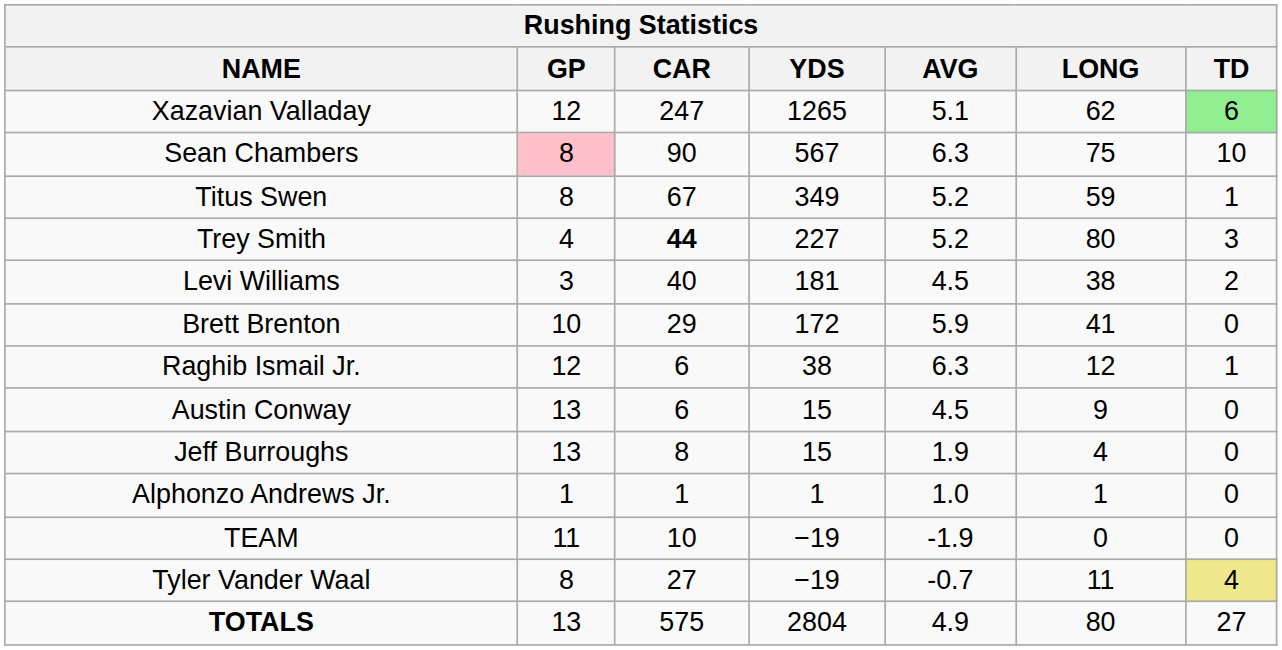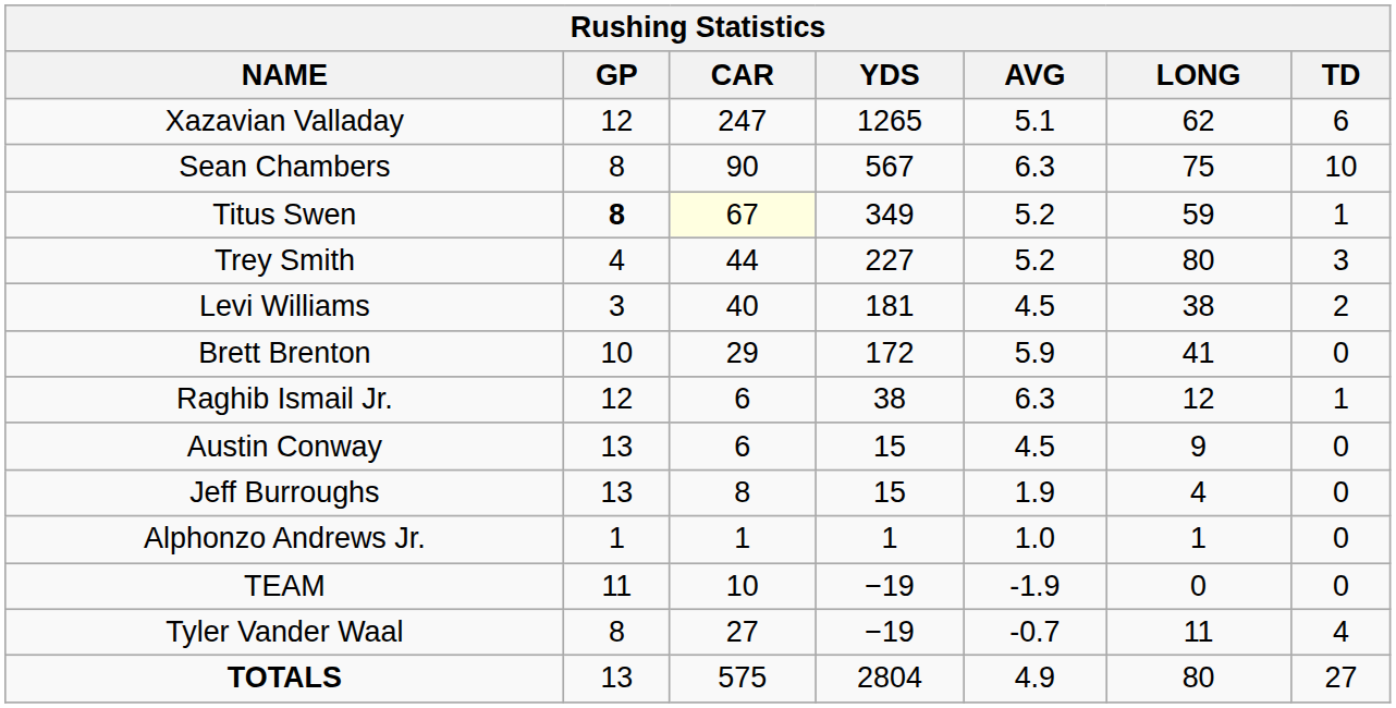 <table style="width:60%; text-align:center;" class="wikitable collapsible collapsed">
 <tr>
 <th colspan="7">Rushing Statistics</th>
 </tr>
 <tr>
 <th>NAME</th>
 <th>GP</th>
 <th>CAR</th>
 <th>YDS</th>
 <th>AVG</th>
 <th>LONG</th>
 <th>TD</th>
 </tr>
 <tr>
 <td>Xazavian Valladay</td>
 <td>12</td>
 <td>247</td>
 <td>1265</td>
 <td>5.1</td>
 <td>62</td>
-<td style="background: lightgreen;">6</td>
+<td>6</td>
 </tr>
 <tr>
 <td>Sean Chambers</td>
-<td style="background: pink;">8</td>
+<td>8</td>
 <td>90</td>
 <td>567</td>
 <td>6.3</td>
 <td>75</td>
 <td>10</td>
 </tr>
 <tr>
 <td>Titus Swen</td>
-<td>8</td>
-<td>67</td>
+<td><strong>8</strong></td>
+<td style="background: lightyellow;">67</td>
 <td>349</td>
 <td>5.2</td>
 <td>59</td>
 <td>1</td>
 </tr>
 <tr>
 <td>Trey Smith</td>
 <td>4</td>
-<td><strong>44</strong></td>
+<td>44</td>
 <td>227</td>
 <td>5.2</td>
 <td>80</td>
 <td>3</td>
 </tr>
 <tr>
 <td>Levi Williams</td>
 <td>3</td>
 <td>40</td>
 <td>181</td>
 <td>4.5</td>
 <td>38</td>
 <td>2</td>
 </tr>
 <tr>
 <td>Brett Brenton</td>
 <td>10</td>
 <td>29</td>
 <td>172</td>
 <td>5.9</td>
 <td>41</td>
 <td>0</td>
 </tr>
 <tr>
 <td>Raghib Ismail Jr.</td>
 <td>12</td>
 <td>6</td>
 <td>38</td>
 <td>6.3</td>
 <td>12</td>
 <td>1</td>
 </tr>
 <tr>
 <td>Austin Conway</td>
 <td>13</td>
 <td>6</td>
 <td>15</td>
 <td>4.5</td>
 <td>9</td>
 <td>0</td>
 </tr>
 <tr>
 <td>Jeff Burroughs</td>
 <td>13</td>
 <td>8</td>
 <td>15</td>
 <td>1.9</td>
 <td>4</td>
 <td>0</td>
 </tr>
 <tr>
 <td>Alphonzo Andrews Jr.</td>
 <td>1</td>
 <td>1</td>
 <td>1</td>
 <td>1.0</td>
 <td>1</td>
 <td>0</td>
 </tr>
 <tr>
 <td>TEAM</td>
 <td>11</td>
 <td>10</td>
 <td>−19</td>
 <td>-1.9</td>
 <td>0</td>
 <td>0</td>
 </tr>
 <tr>
 <td>Tyler Vander Waal</td>
 <td>8</td>
 <td>27</td>
 <td>−19</td>
 <td>-0.7</td>
 <td>11</td>
-<td style="background: khaki;">4</td>
+<td>4</td>
 </tr>
 <tr>
 <td><strong>TOTALS</strong></td>
 <td>13</td>
 <td>575</td>
 <td>2804</td>
 <td>4.9</td>
 <td>80</td>
 <td>27</td>
 </tr>
 </table>
